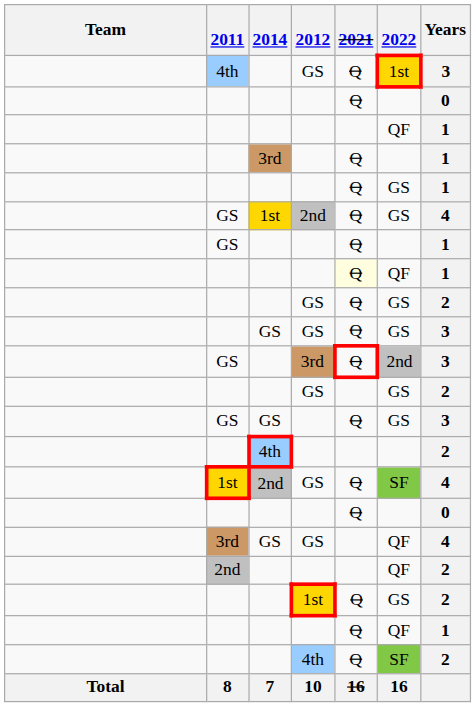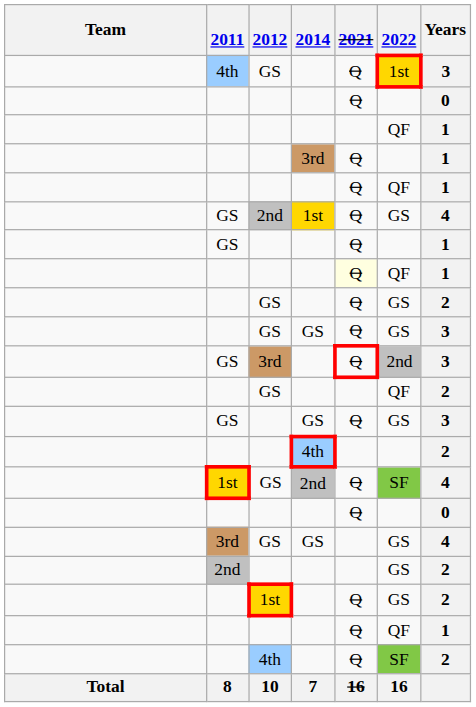 <table class="wikitable" style="text-align:center; font-size:90%">
 <tr>
 <th width=160>Team</th>
 <th><br><a href='#'>2011</a></th>
+<th><br><a href='#'>2012</a></th>
 <th><br><a href='#'>2014</a></th>
-<th><br><a href='#'>2012</a></th>
 <th><br><s><a href='#'>2021</a></s></th>
 <th><br><a href='#'>2022</a></th>
 <th>Years</th>
 </tr>
 <tr>
 <td align=left></td>
 <td bgcolor=#9acdff>4th</td>
+<td>GS</td>
 <td></td>
-<td>GS</td>
 <td><s>Q</s></td>
 <td style="border:3px solid red;" bgcolor=gold>1st</td>
 <th>3</th>
 </tr>
 <tr>
 <td align=left></td>
 <td></td>
 <td></td>
 <td></td>
 <td><s>Q</s></td>
 <td></td>
 <th>0</th>
 </tr>
 <tr>
 <td align=left></td>
 <td></td>
 <td></td>
 <td></td>
 <td></td>
 <td>QF</td>
 <th>1</th>
 </tr>
 <tr>
 <td align=left></td>
 <td></td>
+<td></td>
 <td bgcolor=#cc9966>3rd</td>
-<td></td>
 <td><s>Q</s></td>
 <td></td>
 <th>1</th>
 </tr>
 <tr>
 <td align=left></td>
 <td></td>
 <td></td>
 <td></td>
 <td><s>Q</s></td>
-<td>GS</td>
+<td>QF</td>
 <th>1</th>
 </tr>
 <tr>
 <td align=left></td>
 <td>GS</td>
+<td bgcolor=silver>2nd</td>
 <td bgcolor=gold>1st</td>
-<td bgcolor=silver>2nd</td>
 <td><s>Q</s></td>
 <td>GS</td>
 <th>4</th>
 </tr>
 <tr>
 <td align=left></td>
 <td>GS</td>
 <td></td>
 <td></td>
 <td><s>Q</s></td>
 <td></td>
 <th>1</th>
 </tr>
 <tr>
 <td align=left></td>
 <td></td>
 <td></td>
 <td></td>
 <td style="background: lightyellow;"><s>Q</s></td>
 <td>QF</td>
 <th>1</th>
 </tr>
 <tr>
 <td align=left></td>
 <td></td>
+<td>GS</td>
 <td></td>
-<td>GS</td>
 <td><s>Q</s></td>
 <td>GS</td>
 <th>2</th>
 </tr>
 <tr>
 <td align=left></td>
 <td></td>
 <td>GS</td>
 <td>GS</td>
 <td><s>Q</s></td>
 <td>GS</td>
 <th>3</th>
 </tr>
 <tr>
 <td align=left></td>
 <td>GS</td>
+<td bgcolor=#cc9966>3rd</td>
 <td></td>
-<td bgcolor=#cc9966>3rd</td>
 <td style="border:3px solid red;"><s>Q</s></td>
 <td bgcolor=silver>2nd</td>
 <th>3</th>
 </tr>
 <tr>
 <td align=left></td>
 <td></td>
-<td></td>
 <td>GS</td>
 <td></td>
-<td>GS</td>
+<td></td>
+<td>QF</td>
 <th>2</th>
 </tr>
 <tr>
 <td align=left></td>
 <td>GS</td>
+<td></td>
 <td>GS</td>
-<td></td>
 <td><s>Q</s></td>
 <td>GS</td>
 <th>3</th>
 </tr>
 <tr>
 <td align=left></td>
 <td></td>
+<td></td>
 <td style="border:3px solid red;" bgcolor=#9acdff>4th</td>
-<td></td>
 <td></td>
 <td></td>
 <th>2</th>
 </tr>
 <tr>
 <td align=left></td>
 <td bgcolor=gold style="border:3px solid red;">1st</td>
+<td>GS</td>
 <td bgcolor=silver>2nd</td>
-<td>GS</td>
 <td><s>Q</s></td>
 <td bgcolor=#81c846>SF</td>
 <th>4</th>
 </tr>
 <tr>
 <td align=left></td>
 <td></td>
 <td></td>
 <td></td>
 <td><s>Q</s></td>
 <td></td>
 <th>0</th>
 </tr>
 <tr>
 <td align=left></td>
 <td bgcolor=#cc9966>3rd</td>
 <td>GS</td>
 <td>GS</td>
 <td></td>
-<td>QF</td>
+<td>GS</td>
 <th>4</th>
 </tr>
 <tr>
 <td align=left></td>
 <td bgcolor=silver>2nd</td>
 <td></td>
 <td></td>
 <td></td>
-<td>QF</td>
+<td>GS</td>
 <th>2</th>
 </tr>
 <tr>
 <td align=left></td>
 <td></td>
+<td bgcolor=gold style="border:3px solid red;">1st</td>
 <td></td>
-<td bgcolor=gold style="border:3px solid red;">1st</td>
 <td><s>Q</s></td>
 <td>GS</td>
 <th>2</th>
 </tr>
 <tr>
 <td align=left></td>
 <td></td>
 <td></td>
 <td></td>
 <td><s>Q</s></td>
 <td>QF</td>
 <th>1</th>
 </tr>
 <tr>
 <td align=left></td>
 <td></td>
+<td bgcolor=#9acdff>4th</td>
 <td></td>
-<td bgcolor=#9acdff>4th</td>
 <td><s>Q</s></td>
 <td bgcolor=#81c846>SF</td>
 <th>2</th>
 </tr>
 <tr>
 <th>Total</th>
 <th>8</th>
+<th>10</th>
 <th>7</th>
-<th>10</th>
 <th><s>16</s></th>
 <th>16</th>
 <th></th>
 </tr>
 </table>
